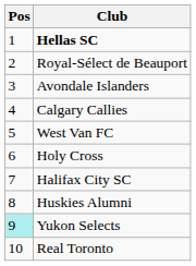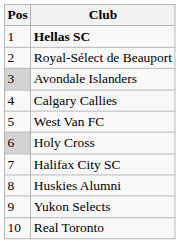 <table class="wikitable">
 <tr>
 <th>Pos</th>
 <th>Club</th>
 </tr>
 <tr>
 <td>1</td>
 <td> <strong>Hellas SC</strong></td>
 </tr>
 <tr>
 <td>2</td>
 <td> Royal-Sélect de Beauport</td>
 </tr>
 <tr>
-<td>3</td>
+<td style="background: lightgrey;">3</td>
 <td> Avondale Islanders</td>
 </tr>
 <tr>
 <td>4</td>
 <td> Calgary Callies</td>
 </tr>
 <tr>
 <td>5</td>
 <td> West Van FC</td>
 </tr>
 <tr>
-<td>6</td>
+<td style="background: lightgrey;">6</td>
 <td> Holy Cross</td>
 </tr>
 <tr>
 <td>7</td>
 <td> Halifax City SC</td>
 </tr>
 <tr>
 <td>8</td>
 <td> Huskies Alumni</td>
 </tr>
 <tr>
-<td style="background: paleturquoise;">9</td>
+<td>9</td>
 <td> Yukon Selects</td>
 </tr>
 <tr>
 <td>10</td>
 <td> Real Toronto</td>
 </tr>
 </table>
